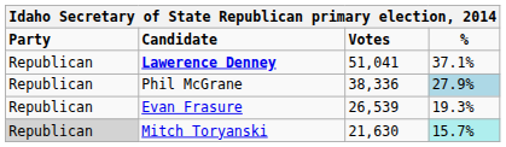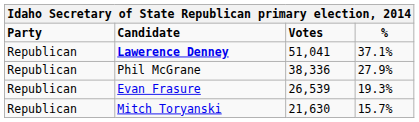 <table class="wikitable">
 <tr>
 <th colspan="4">Idaho Secretary of State Republican primary election, 2014</th>
 </tr>
 <tr>
 <td><strong>Party</strong></td>
 <td><strong>Candidate</strong></td>
 <td><strong>Votes</strong></td>
 <td align=center><strong>%</strong></td>
 </tr>
 <tr>
 <td>Republican</td>
 <td><strong><a href='#'>Lawerence Denney</a></strong></td>
 <td>51,041</td>
 <td>37.1%</td>
 </tr>
 <tr>
 <td>Republican</td>
 <td>Phil McGrane</td>
 <td>38,336</td>
-<td style="background: lightblue;">27.9%</td>
+<td>27.9%</td>
 </tr>
 <tr>
 <td>Republican</td>
 <td><a href='#'>Evan Frasure</a></td>
 <td>26,539</td>
 <td>19.3%</td>
 </tr>
 <tr>
-<td style="background: lightgrey;">Republican</td>
+<td>Republican</td>
 <td><a href='#'>Mitch Toryanski</a></td>
 <td>21,630</td>
-<td style="background: paleturquoise;">15.7%</td>
+<td>15.7%</td>
 </tr>
 </table>
